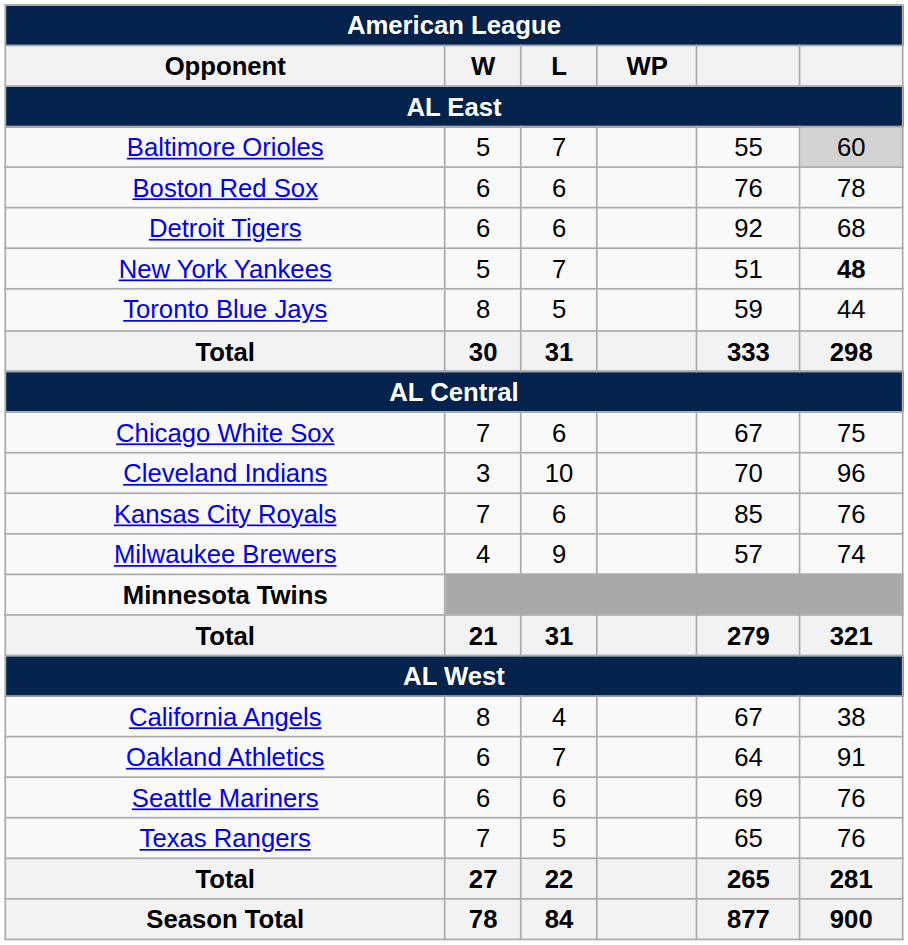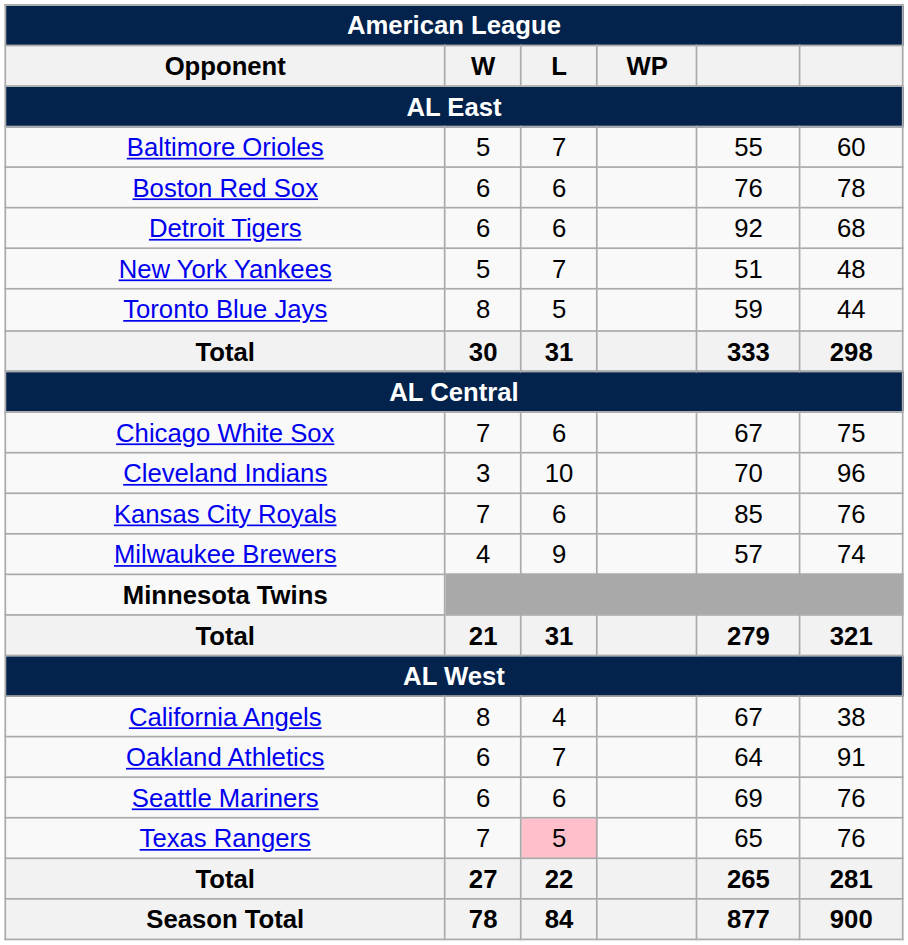 <table class="wikitable" style="font-size:95%; text-align:center; width:35em;margin: 0.5em auto;">
 <tr>
 <th colspan="7" style="background:#03224c; color:#ffffff;">American League</th>
 </tr>
 <tr>
 <th>Opponent</th>
 <th>W</th>
 <th>L</th>
 <th>WP</th>
 <th></th>
 <th></th>
 </tr>
 <tr>
 <th colspan="7" style="background:#03224c; color:#ffffff;">AL East</th>
 </tr>
 <tr>
 <td><a href='#'>Baltimore Orioles</a></td>
 <td>5</td>
 <td>7</td>
 <td></td>
 <td>55</td>
-<td style="background: lightgrey;">60</td>
+<td>60</td>
 </tr>
 <tr>
 <td><a href='#'>Boston Red Sox</a></td>
 <td>6</td>
 <td>6</td>
 <td></td>
 <td>76</td>
 <td>78</td>
 </tr>
 <tr>
 <td><a href='#'>Detroit Tigers</a></td>
 <td>6</td>
 <td>6</td>
 <td></td>
 <td>92</td>
 <td>68</td>
 </tr>
 <tr>
 <td><a href='#'>New York Yankees</a></td>
 <td>5</td>
 <td>7</td>
 <td></td>
 <td>51</td>
-<td><strong>48</strong></td>
+<td>48</td>
 </tr>
 <tr>
 <td><a href='#'>Toronto Blue Jays</a></td>
 <td>8</td>
 <td>5</td>
 <td></td>
 <td>59</td>
 <td>44</td>
 </tr>
 <tr>
 <th>Total</th>
 <th>30</th>
 <th>31</th>
 <th></th>
 <th>333</th>
 <th>298</th>
 </tr>
 <tr>
 <th colspan="7" style="background:#03224c; color:#ffffff;">AL Central</th>
 </tr>
 <tr>
 <td><a href='#'>Chicago White Sox</a></td>
 <td>7</td>
 <td>6</td>
 <td></td>
 <td>67</td>
 <td>75</td>
 </tr>
 <tr>
 <td><a href='#'>Cleveland Indians</a></td>
 <td>3</td>
 <td>10</td>
 <td></td>
 <td>70</td>
 <td>96</td>
 </tr>
 <tr>
 <td><a href='#'>Kansas City Royals</a></td>
 <td>7</td>
 <td>6</td>
 <td></td>
 <td>85</td>
 <td>76</td>
 </tr>
 <tr>
 <td><a href='#'>Milwaukee Brewers</a></td>
 <td>4</td>
 <td>9</td>
 <td></td>
 <td>57</td>
 <td>74</td>
 </tr>
 <tr>
 <td><strong>Minnesota Twins</strong></td>
 <td colspan=5 style="background:darkgray;"></td>
 </tr>
 <tr>
 <th>Total</th>
 <th>21</th>
 <th>31</th>
 <th></th>
 <th>279</th>
 <th>321</th>
 </tr>
 <tr>
 <th colspan="7" style="background:#03224c; color:#ffffff;">AL West</th>
 </tr>
 <tr>
 <td><a href='#'>California Angels</a></td>
 <td>8</td>
 <td>4</td>
 <td></td>
 <td>67</td>
 <td>38</td>
 </tr>
 <tr>
 <td><a href='#'>Oakland Athletics</a></td>
 <td>6</td>
 <td>7</td>
 <td></td>
 <td>64</td>
 <td>91</td>
 </tr>
 <tr>
 <td><a href='#'>Seattle Mariners</a></td>
 <td>6</td>
 <td>6</td>
 <td></td>
 <td>69</td>
 <td>76</td>
 </tr>
 <tr>
 <td><a href='#'>Texas Rangers</a></td>
 <td>7</td>
-<td>5</td>
+<td style="background: pink;">5</td>
 <td></td>
 <td>65</td>
 <td>76</td>
 </tr>
 <tr>
 <th>Total</th>
 <th>27</th>
 <th>22</th>
 <th></th>
 <th>265</th>
 <th>281</th>
 </tr>
 <tr>
 <th>Season Total</th>
 <th>78</th>
 <th>84</th>
 <th></th>
 <th>877</th>
 <th>900</th>
 </tr>
 </table>
